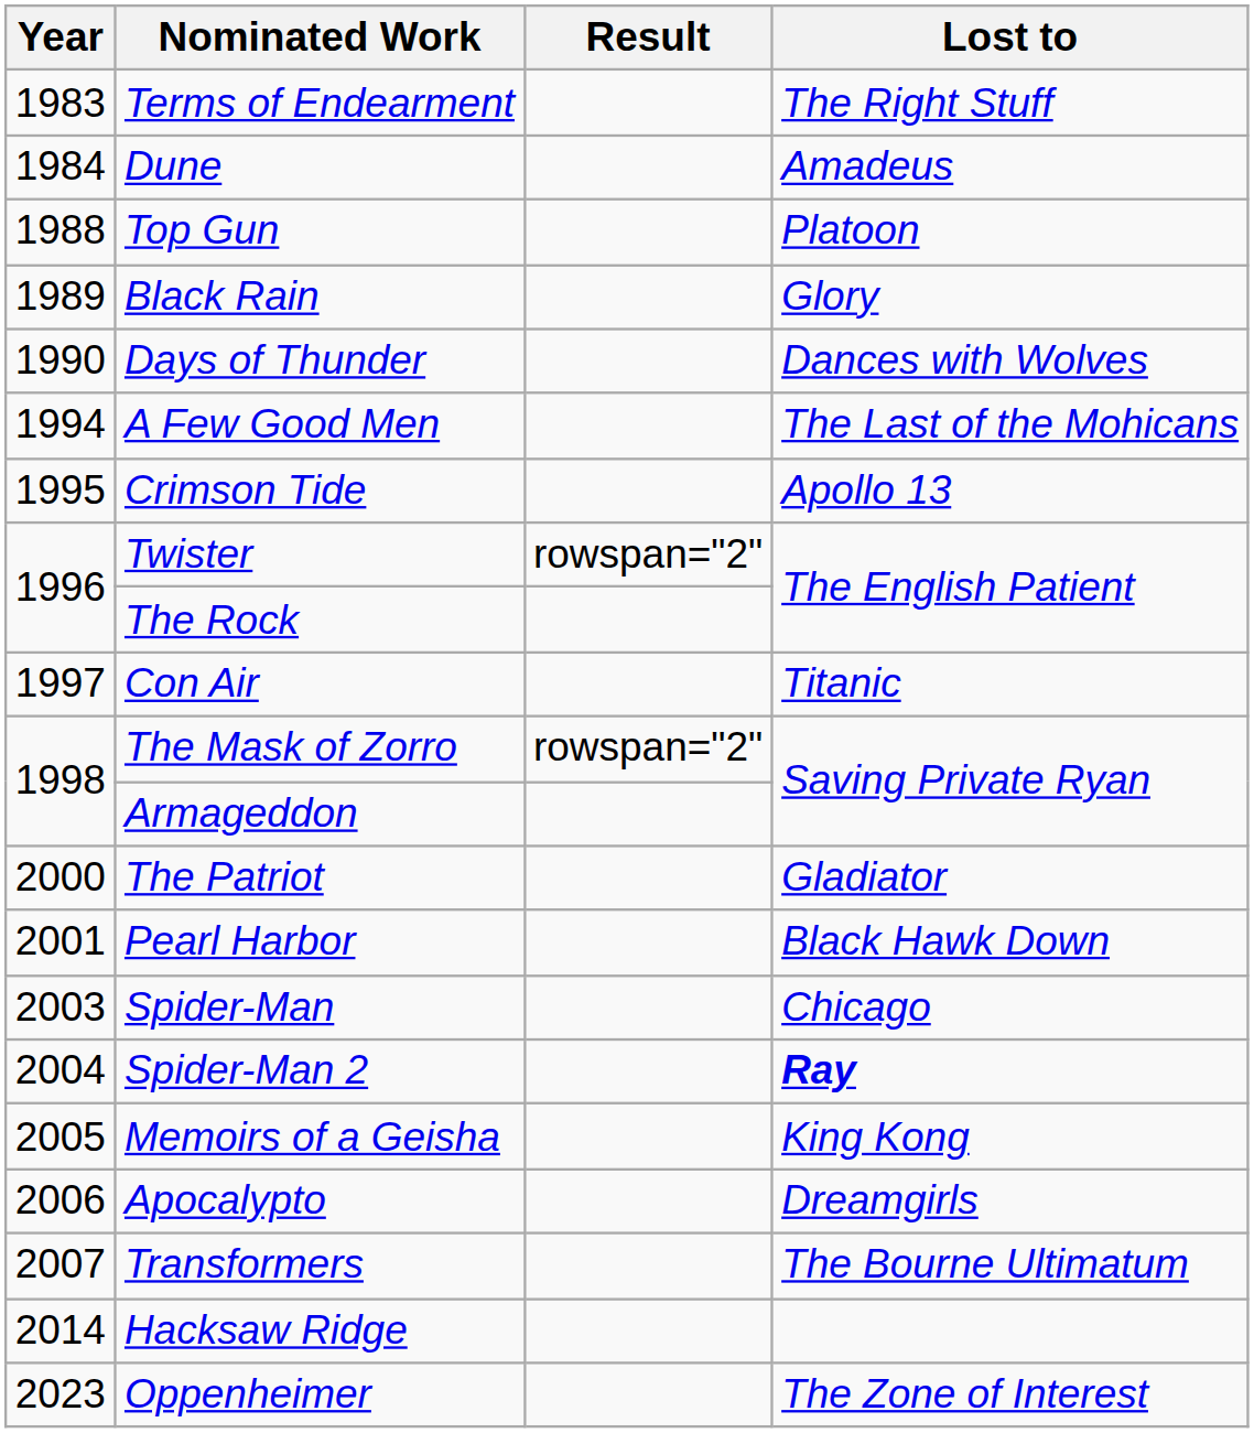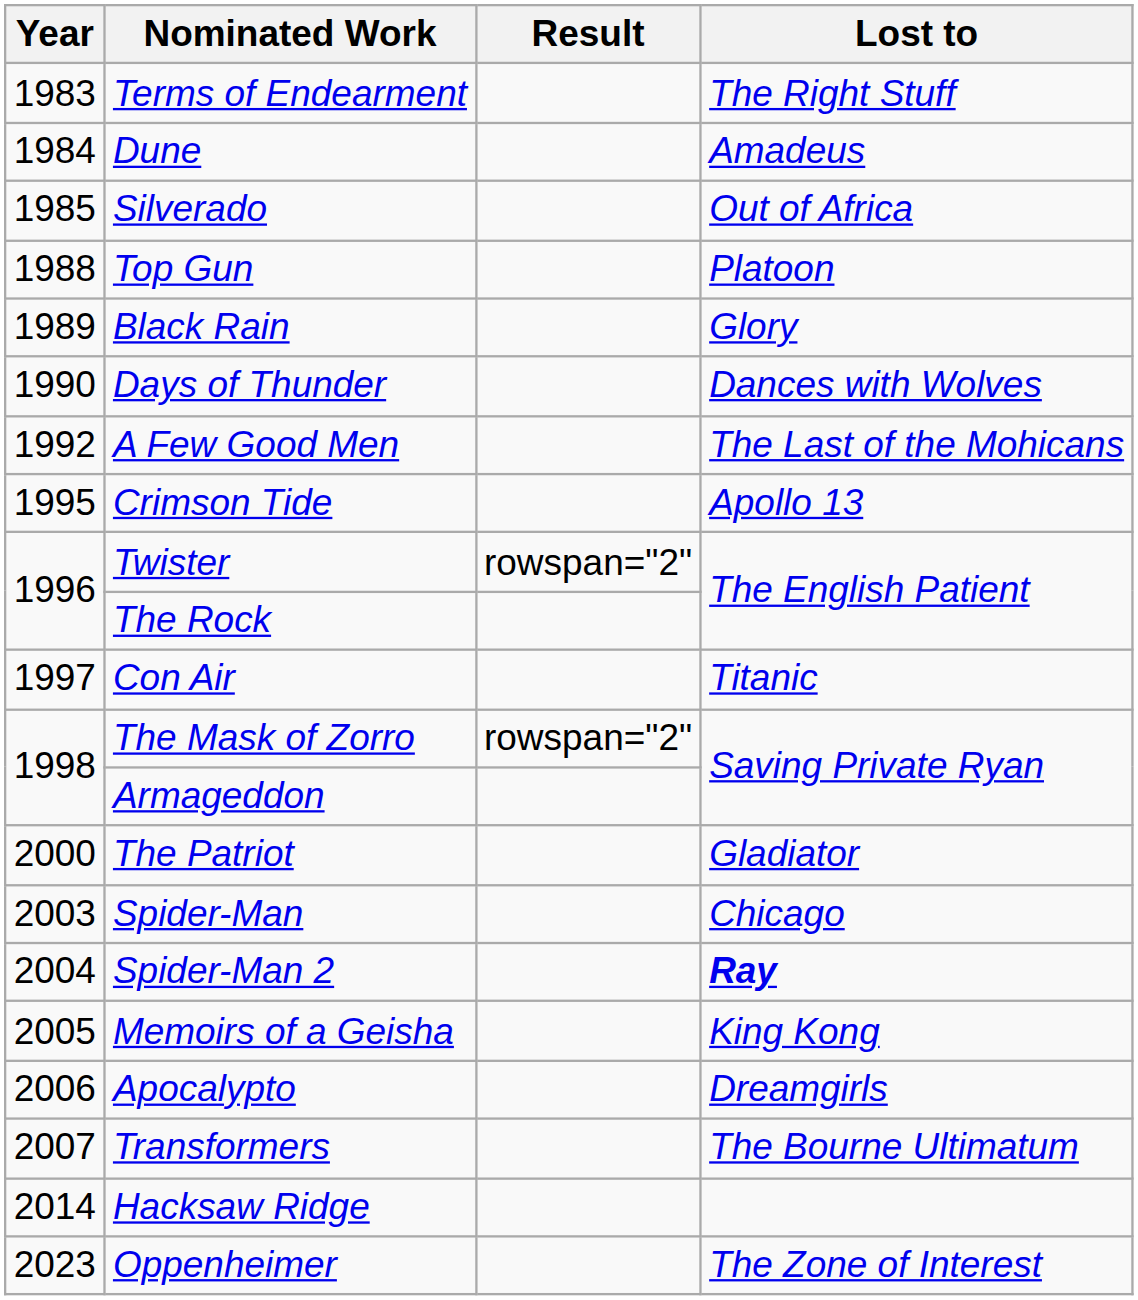 <table class="wikitable">
 <tr>
 <th>Year</th>
 <th>Nominated Work</th>
 <th>Result</th>
 <th>Lost to</th>
 </tr>
 <tr>
 <td style="text-align:center;">1983</td>
 <td><em><a href='#'>Terms of Endearment</a></em></td>
 <td></td>
 <td><em><a href='#'>The Right Stuff</a></em></td>
 </tr>
 <tr>
 <td style="text-align:center;">1984</td>
 <td><em><a href='#'>Dune</a></em></td>
 <td></td>
 <td><em><a href='#'>Amadeus</a></em></td>
 </tr>
 <tr>
+<td style="text-align:center;">1985</td>
+<td><em><a href='#'>Silverado</a></em></td>
+<td></td>
+<td><em><a href='#'>Out of Africa</a></em></td>
+</tr>
+<tr>
 <td style="text-align:center;">1988</td>
 <td><em><a href='#'>Top Gun</a></em></td>
 <td></td>
 <td><em><a href='#'>Platoon</a></em></td>
 </tr>
 <tr>
 <td style="text-align:center;">1989</td>
 <td><em><a href='#'>Black Rain</a></em></td>
 <td></td>
 <td><em><a href='#'>Glory</a></em></td>
 </tr>
 <tr>
 <td style="text-align:center;">1990</td>
 <td><em><a href='#'>Days of Thunder</a></em></td>
 <td></td>
 <td><em><a href='#'>Dances with Wolves</a></em></td>
 </tr>
 <tr>
-<td style="text-align:center;">1994</td>
+<td style="text-align:center;">1992</td>
 <td><em><a href='#'>A Few Good Men</a></em></td>
 <td></td>
 <td><em><a href='#'>The Last of the Mohicans</a></em></td>
 </tr>
 <tr>
 <td style="text-align:center;">1995</td>
 <td><em><a href='#'>Crimson Tide</a></em></td>
 <td></td>
 <td><em><a href='#'>Apollo 13</a></em></td>
 </tr>
 <tr>
 <td rowspan="2">1996</td>
 <td><em><a href='#'>Twister</a></em></td>
 <td>rowspan="2" </td>
 <td rowspan="2"><em><a href='#'>The English Patient</a></em></td>
 </tr>
 <tr>
 <td><em><a href='#'>The Rock</a></em></td>
 </tr>
 <tr>
 <td style="text-align:center;">1997</td>
 <td><em><a href='#'>Con Air</a></em></td>
 <td></td>
 <td><em><a href='#'>Titanic</a></em></td>
 </tr>
 <tr>
 <td rowspan="2">1998</td>
 <td><em><a href='#'>The Mask of Zorro</a></em></td>
 <td>rowspan="2" </td>
 <td rowspan="2"><em><a href='#'>Saving Private Ryan</a></em></td>
 </tr>
 <tr>
 <td><em><a href='#'>Armageddon</a></em></td>
 </tr>
 <tr>
 <td style="text-align:center;">2000</td>
 <td><em><a href='#'>The Patriot</a></em></td>
 <td></td>
 <td><em><a href='#'>Gladiator</a></em></td>
-</tr>
-<tr>
-<td style="text-align:center;">2001</td>
-<td><em><a href='#'>Pearl Harbor</a></em></td>
-<td></td>
-<td><em><a href='#'>Black Hawk Down</a></em></td>
 </tr>
 <tr>
 <td style="text-align:center;">2003</td>
 <td><em><a href='#'>Spider-Man</a></em></td>
 <td></td>
 <td><em><a href='#'>Chicago</a></em></td>
 </tr>
 <tr>
 <td style="text-align:center;">2004</td>
 <td><em><a href='#'>Spider-Man 2</a></em></td>
 <td></td>
 <td><strong><em><a href='#'>Ray</a></em></strong></td>
 </tr>
 <tr>
 <td style="text-align:center;">2005</td>
 <td><em><a href='#'>Memoirs of a Geisha</a></em></td>
 <td></td>
 <td><em><a href='#'>King Kong</a></em></td>
 </tr>
 <tr>
 <td style="text-align:center;">2006</td>
 <td><em><a href='#'>Apocalypto</a></em></td>
 <td></td>
 <td><em><a href='#'>Dreamgirls</a></em></td>
 </tr>
 <tr>
 <td style="text-align:center;">2007</td>
 <td><em><a href='#'>Transformers</a></em></td>
 <td></td>
 <td><em><a href='#'>The Bourne Ultimatum</a></em></td>
 </tr>
 <tr>
 <td style="text-align:center;">2014</td>
 <td><em><a href='#'>Hacksaw Ridge</a></em></td>
 <td></td>
 <td></td>
 </tr>
 <tr>
 <td style="text-align:center;">2023</td>
 <td><em><a href='#'>Oppenheimer</a></em></td>
 <td></td>
 <td><em><a href='#'>The Zone of Interest</a></em></td>
 </tr>
 </table>
